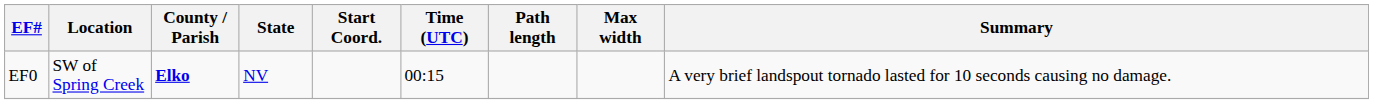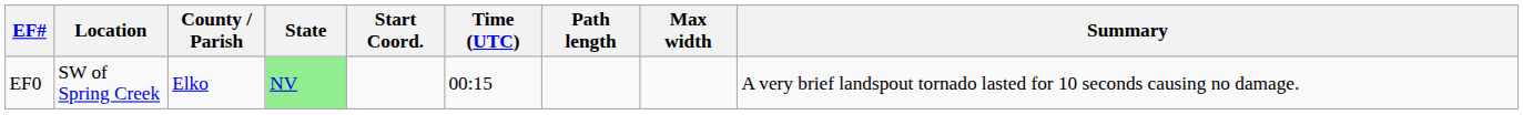 <table class="wikitable sortable" style="width:100%;">
 <tr>
 <th scope="col"  style="width:3%; text-align:center;"><a href='#'>EF#</a></th>
 <th scope="col"  style="width:7%; text-align:center;" class="unsortable">Location</th>
 <th scope="col"  style="width:6%; text-align:center;" class="unsortable">County / Parish</th>
 <th scope="col"  style="width:5%; text-align:center;">State</th>
 <th scope="col"  style="width:6%; text-align:center;">Start Coord.</th>
 <th scope="col"  style="width:6%; text-align:center;">Time (<a href='#'>UTC</a>)</th>
 <th scope="col"  style="width:6%; text-align:center;">Path length</th>
 <th scope="col"  style="width:6%; text-align:center;">Max width</th>
 <th scope="col" class="unsortable" style="width:48%; text-align:center;">Summary</th>
 </tr>
 <tr>
 <td>EF0</td>
 <td>SW of <a href='#'>Spring Creek</a></td>
-<td><strong><a href='#'>Elko</a></strong></td>
-<td><a href='#'>NV</a></td>
+<td><a href='#'>Elko</a></td>
+<td style="background: lightgreen;"><a href='#'>NV</a></td>
 <td></td>
 <td>00:15</td>
 <td></td>
 <td></td>
 <td>A very brief landspout tornado lasted for 10 seconds causing no damage.</td>
 </tr>
 <tr>
 </tr>
 </table>
